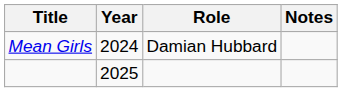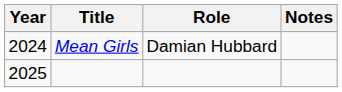 <table class="wikitable sortable">
 <tr>
+<th>Year</th>
 <th>Title</th>
-<th>Year</th>
 <th>Role</th>
 <th>Notes</th>
 </tr>
 <tr>
+<td>2024</td>
 <td><em><a href='#'>Mean Girls</a></em></td>
-<td>2024</td>
 <td>Damian Hubbard</td>
 <td></td>
 </tr>
 <tr>
+<td>2025</td>
 <td></td>
-<td>2025</td>
 <td></td>
 <td></td>
 </tr>
 </table>
